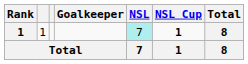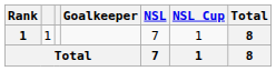 <table class="wikitable sortable" style="text-align:center">
 <tr>
 <th>Rank</th>
 <th></th>
 <th></th>
 <th>Goalkeeper</th>
 <th><a href='#'>NSL</a></th>
 <th><a href='#'>NSL Cup</a></th>
 <th>Total</th>
 </tr>
 <tr>
 <th>1</th>
 <td>1</td>
 <td></td>
 <td align="left"></td>
-<td style="background: paleturquoise;">7</td>
-<td><strong>1</strong></td>
+<td>7</td>
+<td>1</td>
 <th>8</th>
 </tr>
 <tr>
 <th colspan="4">Total</th>
 <th>7</th>
 <th>1</th>
 <th>8</th>
 </tr>
 </table>
